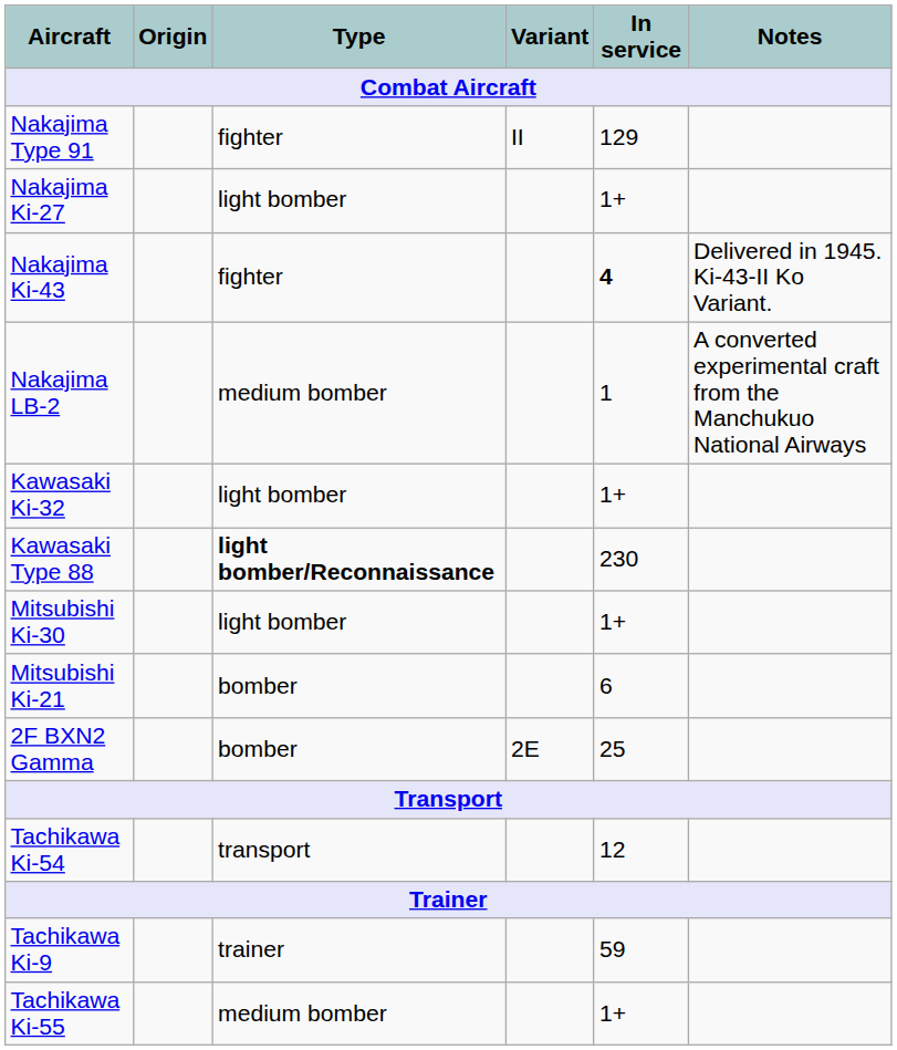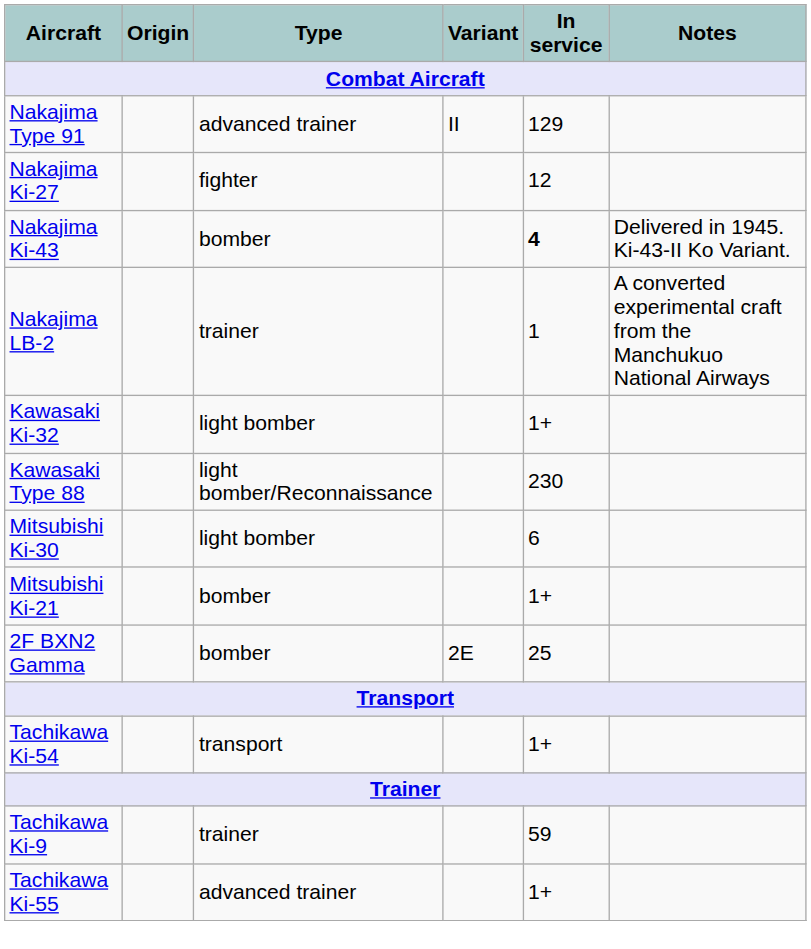 <table class="wikitable">
 <tr>
 <th style="text-align:center; background:#acc;">Aircraft</th>
 <th style="text-align: center; background:#acc;">Origin</th>
 <th style="text-align:l center; background:#acc;">Type</th>
 <th style="text-align:left; background:#acc;">Variant</th>
 <th style="text-align:center; background:#acc;">In service</th>
 <th style="text-align: center; background:#acc;">Notes</th>
 </tr>
 <tr>
 <th style="align: center; background: lavender;" colspan="7"><a href='#'>Combat Aircraft</a></th>
 </tr>
 <tr>
 <td><a href='#'>Nakajima Type 91</a></td>
 <td></td>
-<td>fighter</td>
+<td>advanced trainer</td>
 <td>II</td>
 <td>129</td>
 <td></td>
 </tr>
 <tr>
 <td><a href='#'>Nakajima Ki-27</a></td>
 <td></td>
-<td>light bomber</td>
+<td>fighter</td>
 <td></td>
-<td>1+</td>
+<td>12</td>
 <td></td>
 </tr>
 <tr>
 <td><a href='#'>Nakajima Ki-43</a></td>
 <td></td>
-<td>fighter</td>
+<td>bomber</td>
 <td></td>
 <td><strong>4</strong></td>
 <td>Delivered in 1945. Ki-43-II Ko Variant.</td>
 </tr>
 <tr>
 <td><a href='#'>Nakajima LB-2</a></td>
 <td></td>
-<td>medium bomber</td>
+<td>trainer</td>
 <td></td>
 <td>1</td>
 <td>A converted experimental craft from the Manchukuo National Airways</td>
 </tr>
 <tr>
 <td><a href='#'>Kawasaki Ki-32</a></td>
 <td></td>
 <td>light bomber</td>
 <td></td>
 <td>1+</td>
 <td></td>
 </tr>
 <tr>
 <td><a href='#'>Kawasaki Type 88</a></td>
 <td></td>
-<td><strong>light bomber/Reconnaissance</strong></td>
+<td>light bomber/Reconnaissance</td>
 <td></td>
 <td>230</td>
 <td></td>
 </tr>
 <tr>
 <td><a href='#'>Mitsubishi Ki-30</a></td>
 <td></td>
 <td>light bomber</td>
 <td></td>
-<td>1+</td>
+<td>6</td>
 <td></td>
 </tr>
 <tr>
 <td><a href='#'>Mitsubishi Ki-21</a></td>
 <td></td>
 <td>bomber</td>
 <td></td>
-<td>6</td>
+<td>1+</td>
 <td></td>
 </tr>
 <tr>
 <td><a href='#'>2F BXN2 Gamma</a></td>
 <td></td>
 <td>bomber</td>
 <td>2E</td>
 <td>25</td>
 <td></td>
 </tr>
 <tr>
 <th style="align: center; background: lavender;" colspan="7"><a href='#'>Transport</a></th>
 </tr>
 <tr>
 <td><a href='#'>Tachikawa Ki-54</a></td>
 <td></td>
 <td>transport</td>
 <td></td>
-<td>12</td>
+<td>1+</td>
 <td></td>
 </tr>
 <tr>
 <th style="align: center; background: lavender;" colspan="7"><a href='#'>Trainer</a></th>
 </tr>
 <tr>
 <td><a href='#'>Tachikawa Ki-9</a></td>
 <td></td>
 <td>trainer</td>
 <td></td>
 <td>59</td>
 <td></td>
 </tr>
 <tr>
 <td><a href='#'>Tachikawa Ki-55</a></td>
 <td></td>
-<td>medium bomber</td>
+<td>advanced trainer</td>
 <td></td>
 <td>1+</td>
 <td></td>
 </tr>
 <tr>
 </tr>
 </table>
